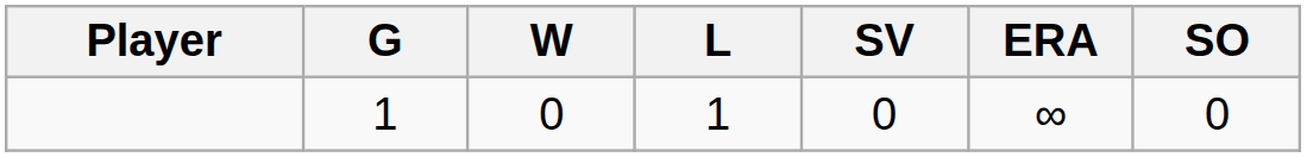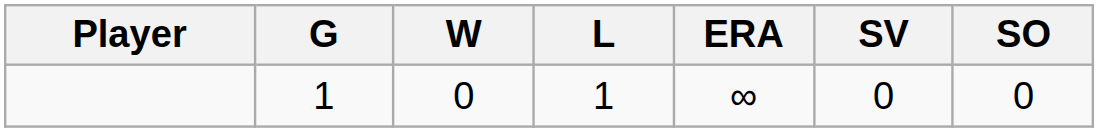 <table class="wikitable sortable">
 <tr>
 <th bgcolor="#DDDDFF" width="16%">Player</th>
 <th bgcolor="#DDDDFF" width="9%">G</th>
 <th bgcolor="#DDDDFF" width="9%">W</th>
 <th bgcolor="#DDDDFF" width="9%">L</th>
+<th bgcolor="#DDDDFF" width="9%">ERA</th>
 <th bgcolor="#DDDDFF" width="9%">SV</th>
-<th bgcolor="#DDDDFF" width="9%">ERA</th>
 <th bgcolor="#DDDDFF" width="9%">SO</th>
 </tr>
 <tr align="center">
 <td></td>
 <td>1</td>
 <td>0</td>
 <td>1</td>
+<td>∞</td>
 <td>0</td>
-<td>∞</td>
 <td>0</td>
 </tr>
 </table>
